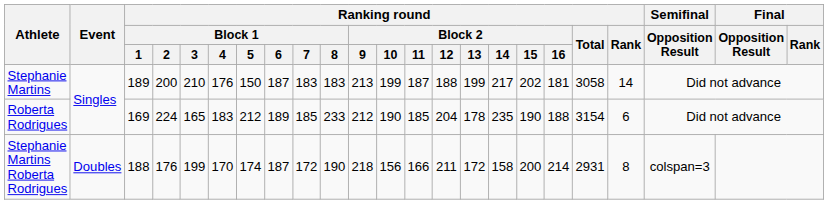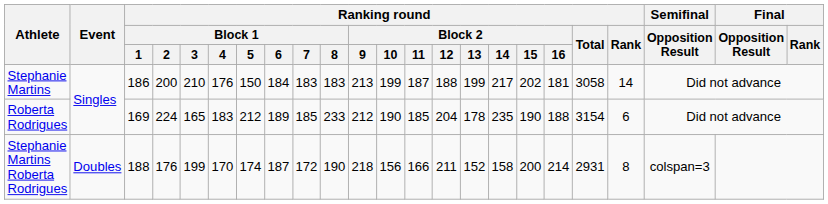 <table class=wikitable style=font-size:90%;text-align:center>
 <tr>
 <th rowspan=3>Athlete</th>
 <th rowspan=3>Event</th>
 <th colspan=18>Ranking round</th>
 <th>Semifinal</th>
 <th colspan=2>Final</th>
 </tr>
 <tr style=font-size:95%>
 <th colspan=8>Block 1</th>
 <th colspan=8>Block 2</th>
 <th rowspan=2>Total</th>
 <th rowspan=2>Rank</th>
 <th rowspan=2>Opposition<br>Result</th>
 <th rowspan=2>Opposition<br>Result</th>
 <th rowspan=2>Rank</th>
 </tr>
 <tr style=font-size:95%>
 <th>1</th>
 <th>2</th>
 <th>3</th>
 <th>4</th>
 <th>5</th>
 <th>6</th>
 <th>7</th>
 <th>8</th>
 <th>9</th>
 <th>10</th>
 <th>11</th>
 <th>12</th>
 <th>13</th>
 <th>14</th>
 <th>15</th>
 <th>16</th>
 </tr>
 <tr>
 <td align=left><a href='#'>Stephanie Martins</a></td>
 <td align=left rowspan=2><a href='#'>Singles</a></td>
-<td>189</td>
+<td>186</td>
 <td>200</td>
 <td>210</td>
 <td>176</td>
 <td>150</td>
-<td>187</td>
+<td>184</td>
 <td>183</td>
 <td>183</td>
 <td>213</td>
 <td>199</td>
 <td>187</td>
 <td>188</td>
 <td>199</td>
 <td>217</td>
 <td>202</td>
 <td>181</td>
 <td>3058</td>
 <td>14</td>
 <td colspan=3>Did not advance</td>
 </tr>
 <tr>
 <td align=left><a href='#'>Roberta Rodrigues</a></td>
 <td>169</td>
 <td>224</td>
 <td>165</td>
 <td>183</td>
 <td>212</td>
 <td>189</td>
 <td>185</td>
 <td>233</td>
 <td>212</td>
 <td>190</td>
 <td>185</td>
 <td>204</td>
 <td>178</td>
 <td>235</td>
 <td>190</td>
 <td>188</td>
 <td>3154</td>
 <td>6</td>
 <td colspan=3>Did not advance</td>
 </tr>
 <tr>
 <td align=left><a href='#'>Stephanie Martins</a><br><a href='#'>Roberta Rodrigues</a></td>
 <td align=left><a href='#'>Doubles</a></td>
 <td>188</td>
 <td>176</td>
 <td>199</td>
 <td>170</td>
 <td>174</td>
 <td>187</td>
 <td>172</td>
 <td>190</td>
 <td>218</td>
 <td>156</td>
 <td>166</td>
 <td>211</td>
-<td>172</td>
+<td>152</td>
 <td>158</td>
 <td>200</td>
 <td>214</td>
 <td>2931</td>
 <td>8</td>
 <td>colspan=3 </td>
 </tr>
 </table>
